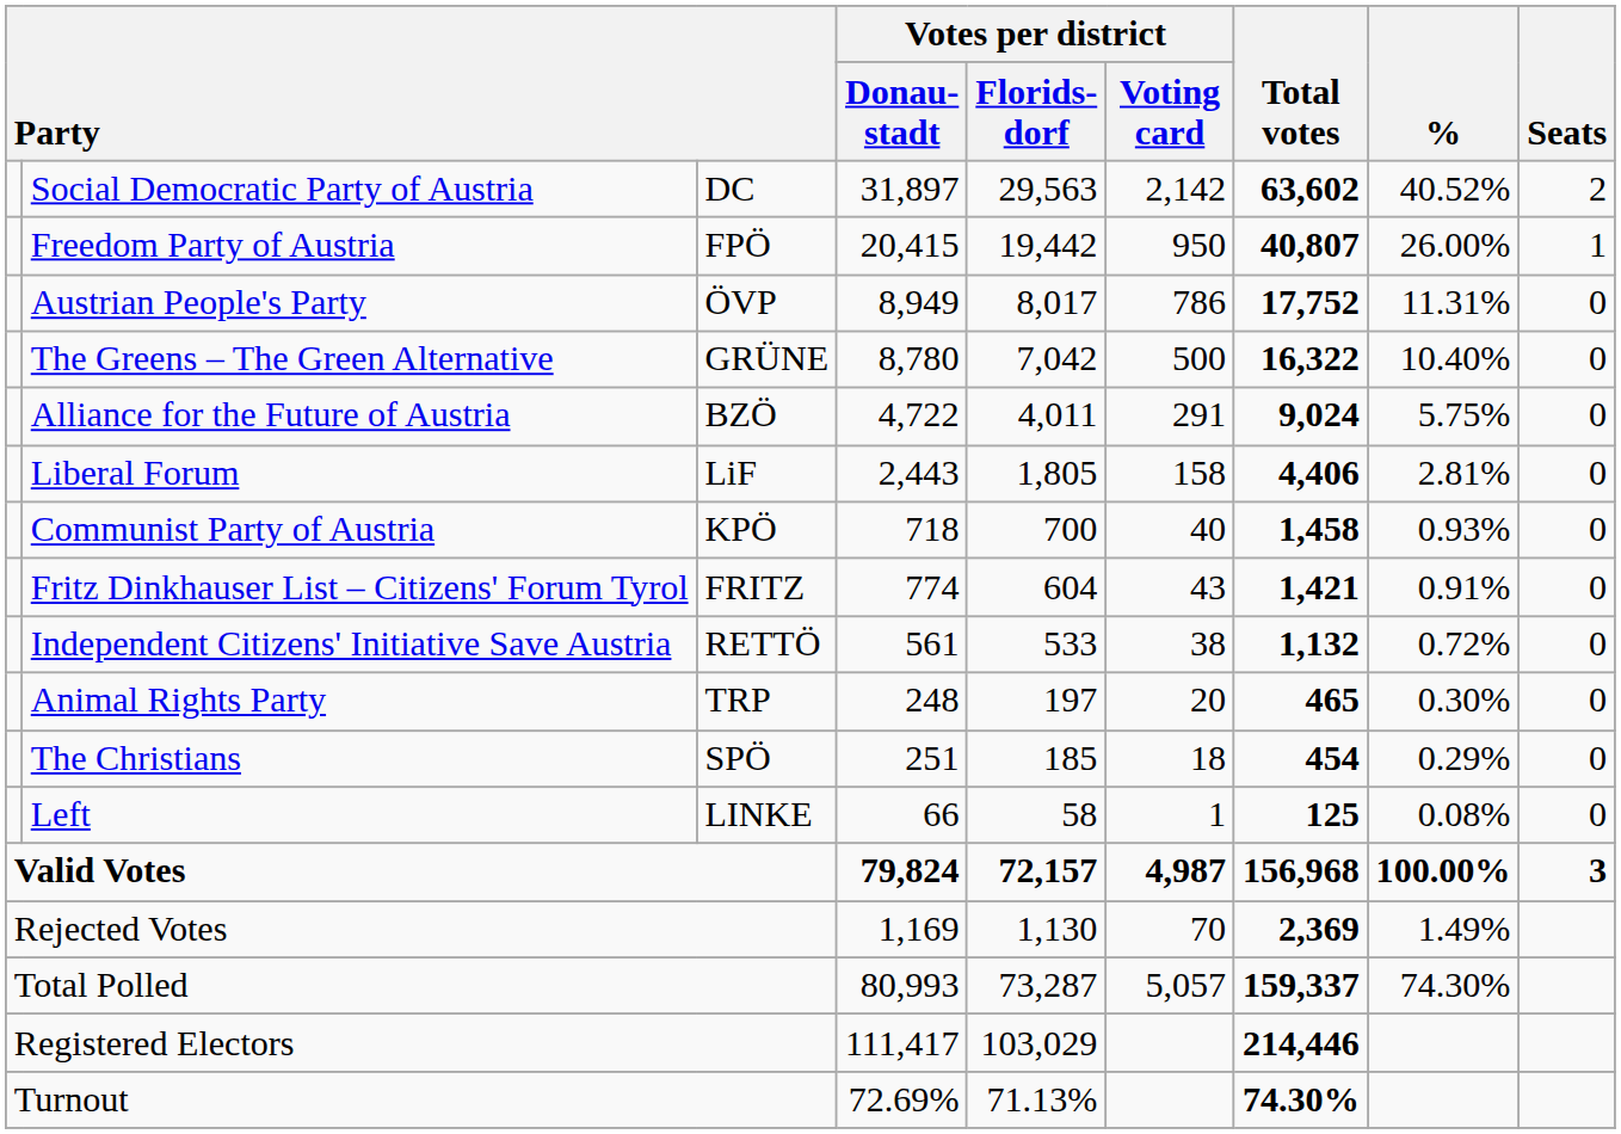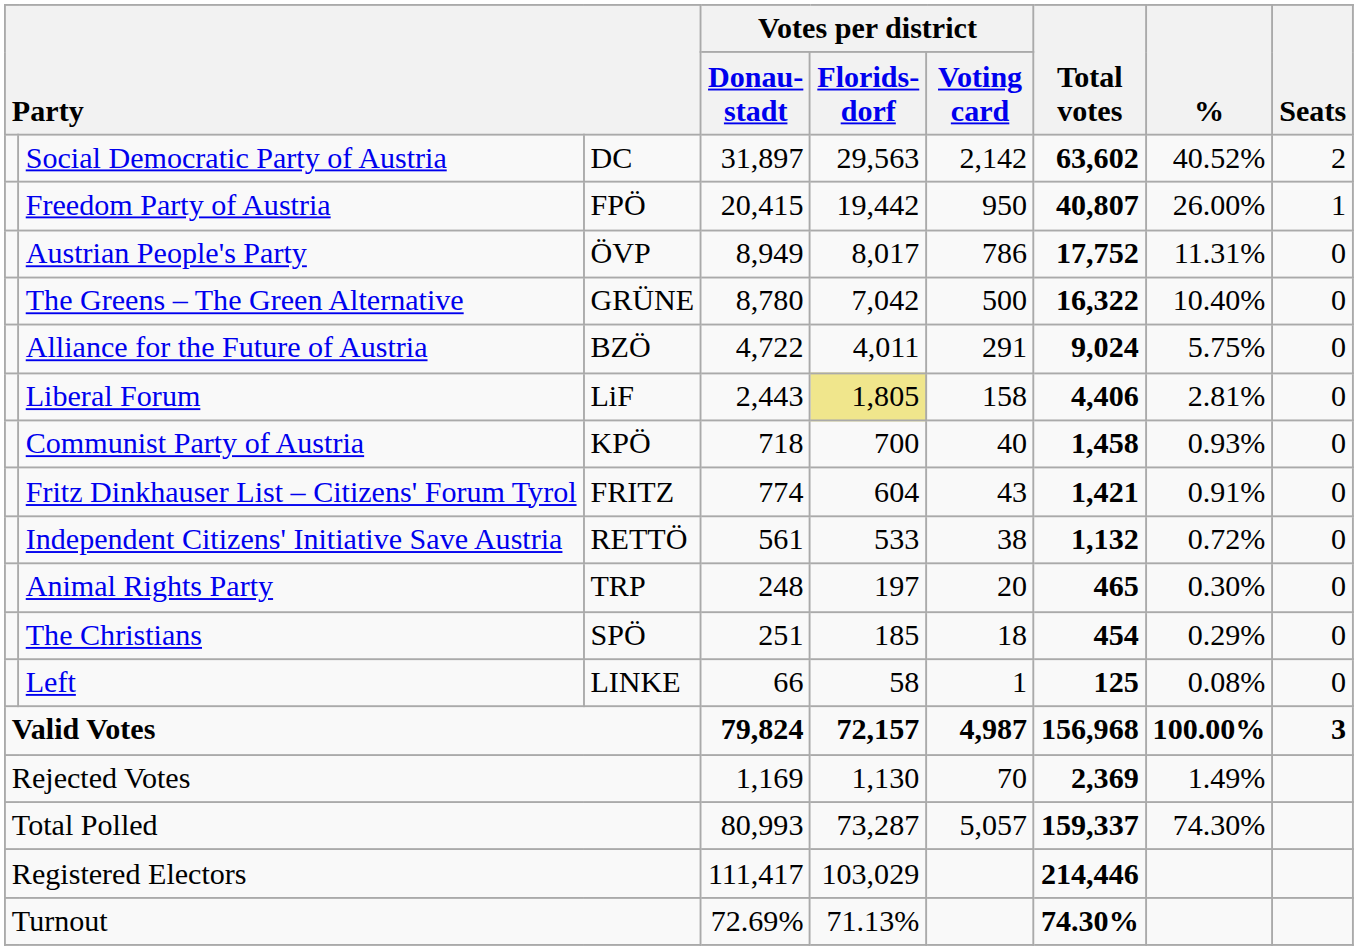 <table class="wikitable" border="1" style="text-align:right;">
 <tr>
 <th style="text-align:left;" valign=bottom rowspan=2 colspan=3>Party</th>
 <th colspan=3>Votes per district</th>
 <th align=center valign=bottom rowspan=2 width="50">Total<br>votes</th>
 <th align=center valign=bottom rowspan=2 width="50">%</th>
 <th align=center valign=bottom rowspan=2>Seats</th>
 </tr>
 <tr>
 <th align=center valign=bottom width="50"><a href='#'>Donau-<br>stadt</a></th>
 <th align=center valign=bottom width="50"><a href='#'>Florids-<br>dorf</a></th>
 <th align=center valign=bottom width="50"><a href='#'>Voting<br>card</a></th>
 </tr>
 <tr>
 <td></td>
 <td align=left><a href='#'>Social Democratic Party of Austria</a></td>
 <td align=left>DC</td>
 <td>31,897</td>
 <td>29,563</td>
 <td>2,142</td>
 <td><strong>63,602</strong></td>
 <td>40.52%</td>
 <td>2</td>
 </tr>
 <tr>
 <td></td>
 <td align=left><a href='#'>Freedom Party of Austria</a></td>
 <td align=left>FPÖ</td>
 <td>20,415</td>
 <td>19,442</td>
 <td>950</td>
 <td><strong>40,807</strong></td>
 <td>26.00%</td>
 <td>1</td>
 </tr>
 <tr>
 <td></td>
 <td align=left><a href='#'>Austrian People's Party</a></td>
 <td align=left>ÖVP</td>
 <td>8,949</td>
 <td>8,017</td>
 <td>786</td>
 <td><strong>17,752</strong></td>
 <td>11.31%</td>
 <td>0</td>
 </tr>
 <tr>
 <td></td>
 <td align=left style="white-space: nowrap;"><a href='#'>The Greens – The Green Alternative</a></td>
 <td align=left>GRÜNE</td>
 <td>8,780</td>
 <td>7,042</td>
 <td>500</td>
 <td><strong>16,322</strong></td>
 <td>10.40%</td>
 <td>0</td>
 </tr>
 <tr>
 <td></td>
 <td align=left><a href='#'>Alliance for the Future of Austria</a></td>
 <td align=left>BZÖ</td>
 <td>4,722</td>
 <td>4,011</td>
 <td>291</td>
 <td><strong>9,024</strong></td>
 <td>5.75%</td>
 <td>0</td>
 </tr>
 <tr>
 <td></td>
 <td align=left><a href='#'>Liberal Forum</a></td>
 <td align=left>LiF</td>
 <td>2,443</td>
-<td>1,805</td>
+<td style="background: khaki;">1,805</td>
 <td>158</td>
 <td><strong>4,406</strong></td>
 <td>2.81%</td>
 <td>0</td>
 </tr>
 <tr>
 <td></td>
 <td align=left><a href='#'>Communist Party of Austria</a></td>
 <td align=left>KPÖ</td>
 <td>718</td>
 <td>700</td>
 <td>40</td>
 <td><strong>1,458</strong></td>
 <td>0.93%</td>
 <td>0</td>
 </tr>
 <tr>
 <td></td>
 <td align=left><a href='#'>Fritz Dinkhauser List – Citizens' Forum Tyrol </a></td>
 <td align=left>FRITZ</td>
 <td>774</td>
 <td>604</td>
 <td>43</td>
 <td><strong>1,421</strong></td>
 <td>0.91%</td>
 <td>0</td>
 </tr>
 <tr>
 <td></td>
 <td align=left><a href='#'>Independent Citizens' Initiative Save Austria</a></td>
 <td align=left>RETTÖ</td>
 <td>561</td>
 <td>533</td>
 <td>38</td>
 <td><strong>1,132</strong></td>
 <td>0.72%</td>
 <td>0</td>
 </tr>
 <tr>
 <td></td>
 <td align=left><a href='#'>Animal Rights Party</a></td>
 <td align=left>TRP</td>
 <td>248</td>
 <td>197</td>
 <td>20</td>
 <td><strong>465</strong></td>
 <td>0.30%</td>
 <td>0</td>
 </tr>
 <tr>
 <td></td>
 <td align=left><a href='#'>The Christians</a></td>
 <td align=left>SPÖ</td>
 <td>251</td>
 <td>185</td>
 <td>18</td>
 <td><strong>454</strong></td>
 <td>0.29%</td>
 <td>0</td>
 </tr>
 <tr>
 <td></td>
 <td align=left><a href='#'>Left</a></td>
 <td align=left>LINKE</td>
 <td>66</td>
 <td>58</td>
 <td>1</td>
 <td><strong>125</strong></td>
 <td>0.08%</td>
 <td>0</td>
 </tr>
 <tr style="font-weight:bold">
 <td align=left colspan=3>Valid Votes</td>
 <td>79,824</td>
 <td>72,157</td>
 <td>4,987</td>
 <td>156,968</td>
 <td>100.00%</td>
 <td>3</td>
 </tr>
 <tr>
 <td align=left colspan=3>Rejected Votes</td>
 <td>1,169</td>
 <td>1,130</td>
 <td>70</td>
 <td><strong>2,369</strong></td>
 <td>1.49%</td>
 <td></td>
 </tr>
 <tr>
 <td align=left colspan=3>Total Polled</td>
 <td>80,993</td>
 <td>73,287</td>
 <td>5,057</td>
 <td><strong>159,337</strong></td>
 <td>74.30%</td>
 <td></td>
 </tr>
 <tr>
 <td align=left colspan=3>Registered Electors</td>
 <td>111,417</td>
 <td>103,029</td>
 <td></td>
 <td><strong>214,446</strong></td>
 <td></td>
 <td></td>
 </tr>
 <tr>
 <td align=left colspan=3>Turnout</td>
 <td>72.69%</td>
 <td>71.13%</td>
 <td></td>
 <td><strong>74.30%</strong></td>
 <td></td>
 <td></td>
 </tr>
 </table>
